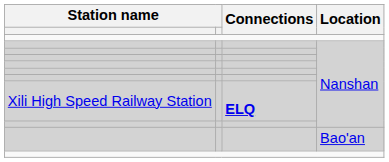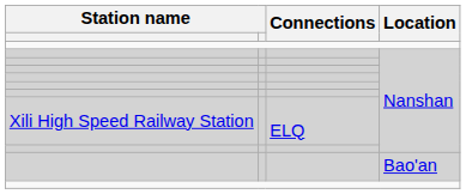 <table class="wikitable">
 <tr>
 <th colspan="2">Station name</th>
 <th rowspan="2">Connections</th>
 <th rowspan="2">Location</th>
 </tr>
 <tr>
 <th></th>
 <th></th>
 </tr>
 <tr style="background:#">
 <td colspan = "7"></td>
 </tr>
 <tr bgcolor="lightgrey">
 <td></td>
 <td></td>
 <td> </td>
 <td rowspan=8><a href='#'>Nanshan</a></td>
 </tr>
 <tr bgcolor="lightgrey">
 <td></td>
 <td></td>
 <td> </td>
 </tr>
 <tr bgcolor="lightgrey">
 <td></td>
 <td></td>
 <td></td>
 </tr>
 <tr bgcolor="lightgrey">
 <td></td>
 <td></td>
 <td></td>
 </tr>
 <tr bgcolor="lightgrey">
 <td></td>
 <td></td>
 <td></td>
 </tr>
 <tr bgcolor="lightgrey">
 <td></td>
 <td></td>
 <td></td>
 </tr>
 <tr bgcolor="lightgrey">
 <td><a href='#'>Xili High Speed Railway Station</a></td>
 <td></td>
-<td><strong>  <br> <a href='#'>ELQ</a></strong></td>
+<td>  <br> <a href='#'>ELQ</a></td>
 </tr>
 <tr bgcolor="lightgrey">
 <td></td>
 <td></td>
 <td></td>
 </tr>
 <tr bgcolor="lightgrey">
 <td></td>
 <td></td>
 <td></td>
 <td><a href='#'>Bao'an</a></td>
 </tr>
 <tr style="background:#">
 <td colspan = "7"></td>
 </tr>
 </table>
